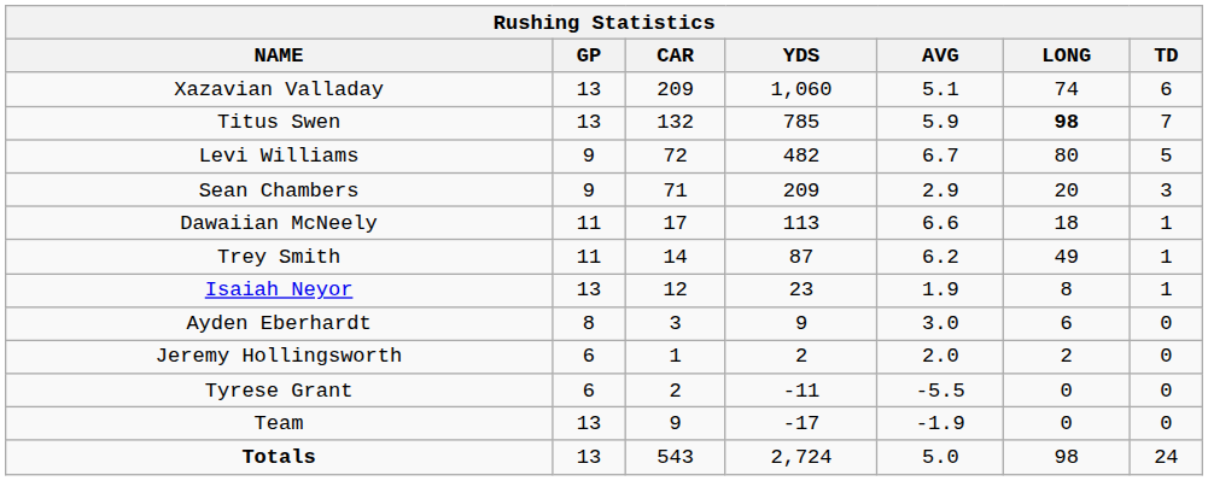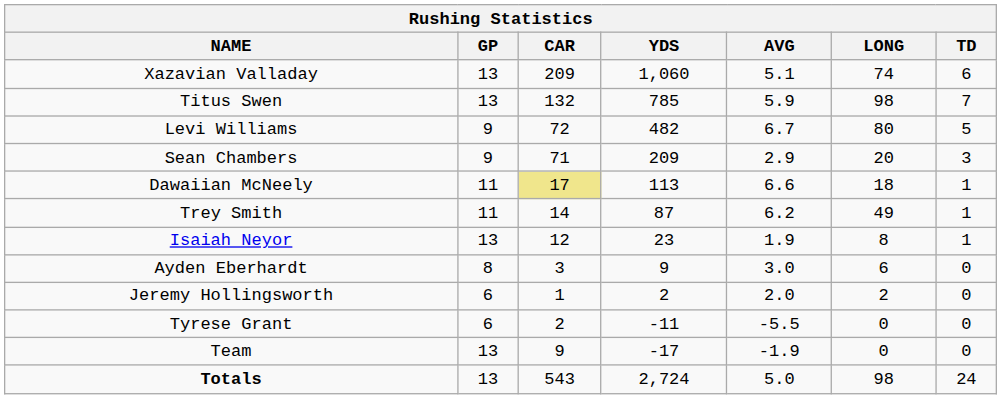 <table style="width:60%; text-align:center;" class="wikitable collapsible collapsed">
 <tr>
 <th colspan="7">Rushing Statistics</th>
 </tr>
 <tr>
 <th>NAME</th>
 <th>GP</th>
 <th>CAR</th>
 <th>YDS</th>
 <th>AVG</th>
 <th>LONG</th>
 <th>TD</th>
 </tr>
 <tr>
 <td>Xazavian Valladay</td>
 <td>13</td>
 <td>209</td>
 <td>1,060</td>
 <td>5.1</td>
 <td>74</td>
 <td>6</td>
 </tr>
 <tr>
 <td>Titus Swen</td>
 <td>13</td>
 <td>132</td>
 <td>785</td>
 <td>5.9</td>
-<td><strong>98</strong></td>
+<td>98</td>
 <td>7</td>
 </tr>
 <tr>
 <td>Levi Williams</td>
 <td>9</td>
 <td>72</td>
 <td>482</td>
 <td>6.7</td>
 <td>80</td>
 <td>5</td>
 </tr>
 <tr>
 <td>Sean Chambers</td>
 <td>9</td>
 <td>71</td>
 <td>209</td>
 <td>2.9</td>
 <td>20</td>
 <td>3</td>
 </tr>
 <tr>
 <td>Dawaiian McNeely</td>
 <td>11</td>
-<td>17</td>
+<td style="background: khaki;">17</td>
 <td>113</td>
 <td>6.6</td>
 <td>18</td>
 <td>1</td>
 </tr>
 <tr>
 <td>Trey Smith</td>
 <td>11</td>
 <td>14</td>
 <td>87</td>
 <td>6.2</td>
 <td>49</td>
 <td>1</td>
 </tr>
 <tr>
 <td><a href='#'>Isaiah Neyor</a></td>
 <td>13</td>
 <td>12</td>
 <td>23</td>
 <td>1.9</td>
 <td>8</td>
 <td>1</td>
 </tr>
 <tr>
 <td>Ayden Eberhardt</td>
 <td>8</td>
 <td>3</td>
 <td>9</td>
 <td>3.0</td>
 <td>6</td>
 <td>0</td>
 </tr>
 <tr>
 <td>Jeremy Hollingsworth</td>
 <td>6</td>
 <td>1</td>
 <td>2</td>
 <td>2.0</td>
 <td>2</td>
 <td>0</td>
 </tr>
 <tr>
 <td>Tyrese Grant</td>
 <td>6</td>
 <td>2</td>
 <td>-11</td>
 <td>-5.5</td>
 <td>0</td>
 <td>0</td>
 </tr>
 <tr>
 <td>Team</td>
 <td>13</td>
 <td>9</td>
 <td>-17</td>
 <td>-1.9</td>
 <td>0</td>
 <td>0</td>
 </tr>
 <tr>
 <td><strong>Totals</strong></td>
 <td>13</td>
 <td>543</td>
 <td>2,724</td>
 <td>5.0</td>
 <td>98</td>
 <td>24</td>
 </tr>
 </table>
